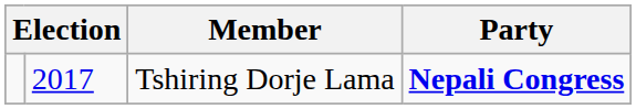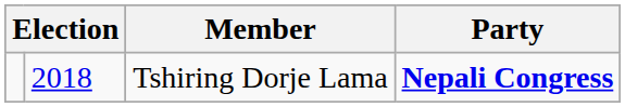 <table class="wikitable">
 <tr>
 <th colspan="2">Election</th>
 <th>Member</th>
 <th>Party</th>
 </tr>
 <tr>
 <td style="background-color:"></td>
-<td><a href='#'>2017</a></td>
+<td><a href='#'>2018</a></td>
 <td>Tshiring Dorje Lama</td>
 <td><strong><a href='#'>Nepali Congress</a></strong></td>
 </tr>
 </table>
